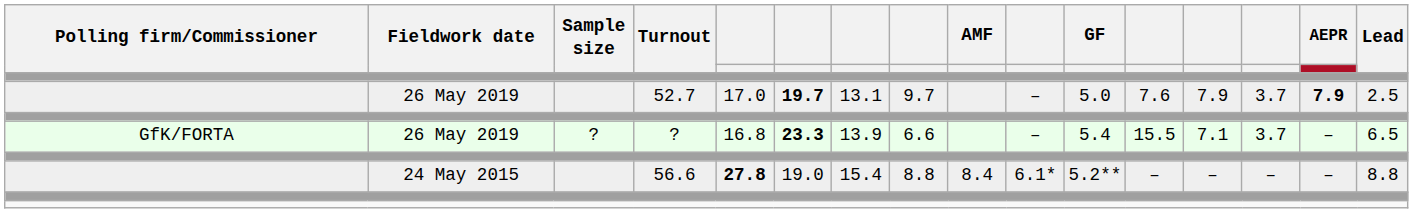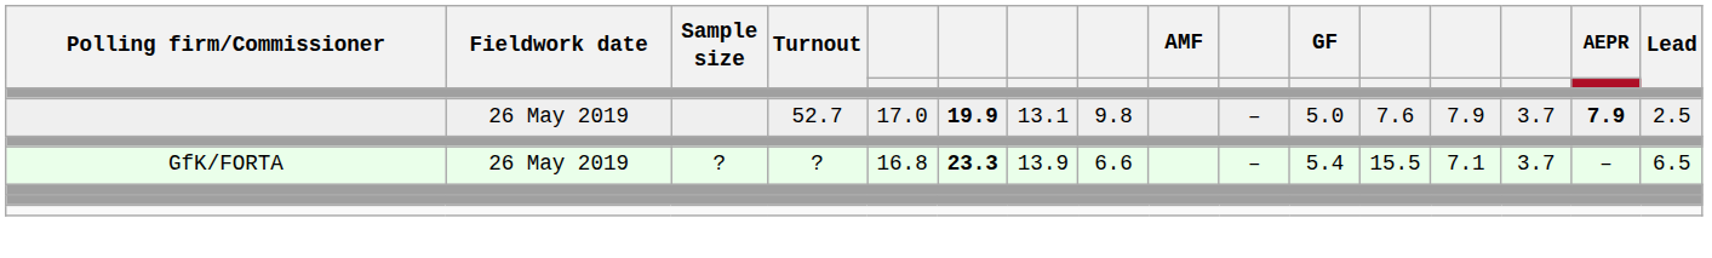 <table class="wikitable collapsible collapsed" style="text-align:center; font-size:95%; line-height:16px;">
 <tr style="height:42px;">
 <th style="width:250px;" rowspan="2">Polling firm/Commissioner</th>
 <th style="width:125px;" rowspan="2">Fieldwork date</th>
 <th style="width:50px;" rowspan="2">Sample size</th>
 <th style="width:45px;" rowspan="2">Turnout</th>
 <th style="width:35px;"></th>
 <th style="width:35px;"></th>
 <th style="width:35px;"></th>
 <th style="width:35px;"></th>
 <th style="width:35px;">AMF</th>
 <th style="width:35px;"></th>
 <th style="width:35px;">GF</th>
 <th style="width:35px;"></th>
 <th style="width:35px;"></th>
 <th style="width:35px;"></th>
 <th style="width:35px; font-size:90%;">AEPR</th>
 <th style="width:30px;" rowspan="2">Lead</th>
 </tr>
 <tr>
 <th style="color:inherit;background:"></th>
 <th style="color:inherit;background:"></th>
 <th style="color:inherit;background:"></th>
 <th style="color:inherit;background:"></th>
 <th style="color:inherit;background:"></th>
 <th style="color:inherit;background:"></th>
 <th style="color:inherit;background:"></th>
 <th style="color:inherit;background:"></th>
 <th style="color:inherit;background:"></th>
 <th style="color:inherit;background:"></th>
 <th style="color:inherit;background:#AE0E26;"></th>
 </tr>
 <tr>
 <td colspan="16" style="background:#A0A0A0"></td>
 </tr>
 <tr style="background:#EFEFEF;">
 <td><strong></strong></td>
 <td>26 May 2019</td>
 <td></td>
 <td>52.7</td>
 <td>17.0<br></td>
-<td><strong>19.7</strong><br></td>
+<td><strong>19.9</strong><br></td>
 <td>13.1<br></td>
-<td>9.7<br></td>
+<td>9.8<br></td>
 <td></td>
 <td>–</td>
 <td>5.0<br></td>
 <td>7.6<br></td>
 <td>7.9<br></td>
 <td>3.7<br></td>
 <td><strong>7.9<br></strong></td>
 <td style="background:">2.5</td>
 </tr>
 <tr>
 <td colspan="16" style="background:#A0A0A0"></td>
 </tr>
 <tr style="background:#EAFFEA;">
 <td>GfK/FORTA</td>
 <td>26 May 2019</td>
 <td>?</td>
 <td>?</td>
 <td>16.8<br></td>
 <td><strong>23.3</strong><br></td>
 <td>13.9<br></td>
 <td>6.6<br></td>
 <td></td>
 <td>–</td>
 <td>5.4<br></td>
 <td>15.5<br></td>
 <td>7.1<br></td>
 <td>3.7<br></td>
 <td>–</td>
 <td style="background:">6.5</td>
 </tr>
 <tr>
 <td colspan="16" style="background:#A0A0A0"></td>
 </tr>
-<tr style="background:#EFEFEF;">
-<td><strong></strong></td>
-<td>24 May 2015</td>
-<td></td>
-<td>56.6</td>
-<td><strong>27.8</strong><br></td>
-<td>19.0<br></td>
-<td>15.4<br></td>
-<td>8.8<br></td>
-<td>8.4<br></td>
-<td>6.1*<br></td>
-<td>5.2**<br></td>
-<td>–</td>
-<td>–</td>
-<td>–</td>
-<td>–</td>
-<td style="background:">8.8</td>
-</tr>
 <tr>
 <td colspan="16" style="background:#A0A0A0"></td>
 </tr>
 <tr>
 <td align="left" colspan="16"></td>
 </tr>
 </table>
